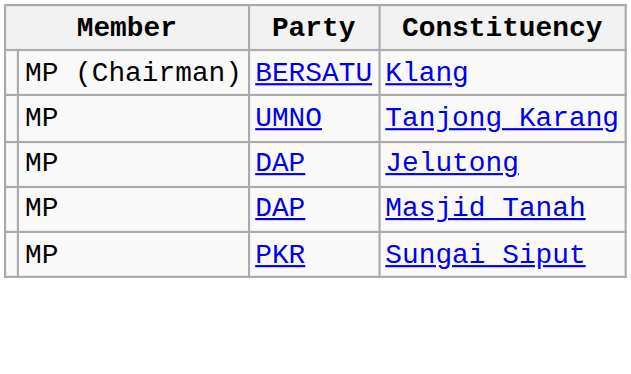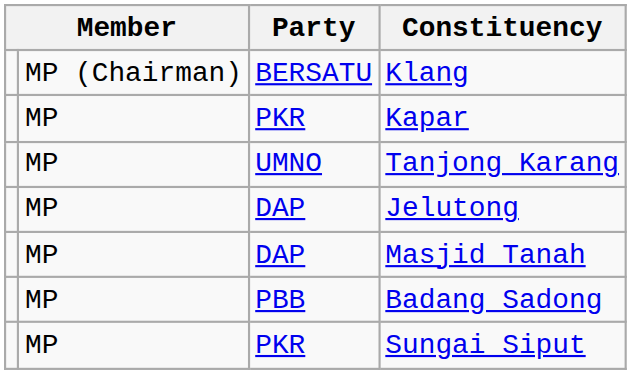 <table class="sortable wikitable">
 <tr>
 <th colspan="2" valign="top">Member</th>
 <th valign="top">Party</th>
 <th valign="top">Constituency</th>
 </tr>
 <tr>
 <td></td>
 <td> MP (Chairman)</td>
 <td><a href='#'>BERSATU</a></td>
 <td><a href='#'>Klang</a></td>
+</tr>
+<tr>
+<td></td>
+<td> MP</td>
+<td><a href='#'>PKR</a></td>
+<td><a href='#'>Kapar</a></td>
 </tr>
 <tr>
 <td></td>
 <td> MP</td>
 <td><a href='#'>UMNO</a></td>
 <td><a href='#'>Tanjong Karang</a></td>
 </tr>
 <tr>
 <td></td>
 <td> MP</td>
 <td><a href='#'>DAP</a></td>
 <td><a href='#'>Jelutong</a></td>
 </tr>
 <tr>
 <td></td>
 <td> MP</td>
 <td><a href='#'>DAP</a></td>
 <td><a href='#'>Masjid Tanah</a></td>
 </tr>
 <tr>
 <td></td>
 <td> MP</td>
+<td><a href='#'>PBB</a></td>
+<td><a href='#'>Badang Sadong</a></td>
+</tr>
+<tr>
+<td></td>
+<td> MP</td>
 <td><a href='#'>PKR</a></td>
 <td><a href='#'>Sungai Siput</a></td>
 </tr>
 </table>
